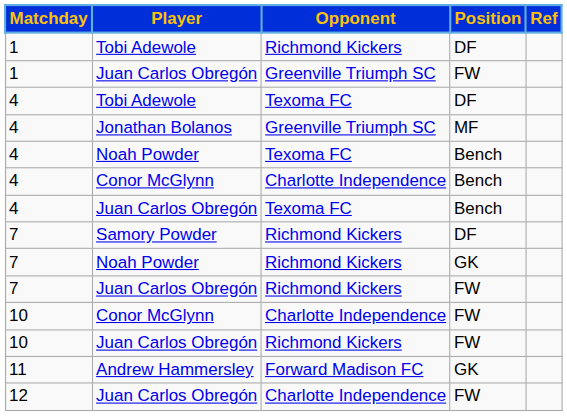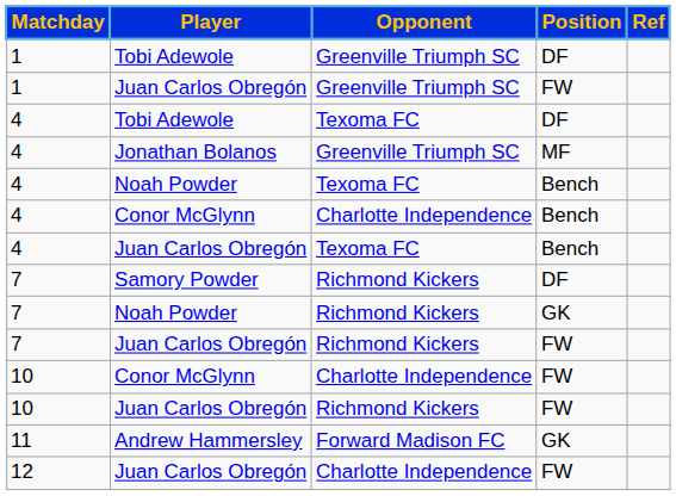 <table class=wikitable>
 <tr>
 <th style="background:#002ED9; color:#FCC108; border:2px solid #5FAFE4;">Matchday</th>
 <th style="background:#002ED9; color:#FCC108; border:2px solid #5FAFE4;">Player</th>
 <th style="background:#002ED9; color:#FCC108; border:2px solid #5FAFE4;">Opponent</th>
 <th style="background:#002ED9; color:#FCC108; border:2px solid #5FAFE4;">Position</th>
 <th style="background:#002ED9; color:#FCC108; border:2px solid #5FAFE4;">Ref</th>
 </tr>
 <tr>
 <td>1</td>
 <td> <a href='#'>Tobi Adewole</a></td>
-<td><a href='#'>Richmond Kickers</a></td>
+<td><a href='#'>Greenville Triumph SC</a></td>
 <td>DF</td>
 <td></td>
 </tr>
 <tr>
 <td>1</td>
 <td> <a href='#'>Juan Carlos Obregón</a></td>
 <td><a href='#'>Greenville Triumph SC</a></td>
 <td>FW</td>
 <td></td>
 </tr>
 <tr>
 <td>4</td>
 <td> <a href='#'>Tobi Adewole</a></td>
 <td><a href='#'>Texoma FC</a></td>
 <td>DF</td>
 <td></td>
 </tr>
 <tr>
 <td>4</td>
 <td> <a href='#'>Jonathan Bolanos</a></td>
 <td><a href='#'>Greenville Triumph SC</a></td>
 <td>MF</td>
 <td></td>
 </tr>
 <tr>
 <td>4</td>
 <td> <a href='#'>Noah Powder</a></td>
 <td><a href='#'>Texoma FC</a></td>
 <td>Bench</td>
 <td></td>
 </tr>
 <tr>
 <td>4</td>
 <td> <a href='#'>Conor McGlynn</a></td>
 <td><a href='#'>Charlotte Independence</a></td>
 <td>Bench</td>
 <td></td>
 </tr>
 <tr>
 <td>4</td>
 <td> <a href='#'>Juan Carlos Obregón</a></td>
 <td><a href='#'>Texoma FC</a></td>
 <td>Bench</td>
 <td></td>
 </tr>
 <tr>
 <td>7</td>
 <td> <a href='#'>Samory Powder</a></td>
 <td><a href='#'>Richmond Kickers</a></td>
 <td>DF</td>
 <td></td>
 </tr>
 <tr>
 <td>7</td>
 <td> <a href='#'>Noah Powder</a></td>
 <td><a href='#'>Richmond Kickers</a></td>
 <td>GK</td>
 <td></td>
 </tr>
 <tr>
 <td>7</td>
 <td> <a href='#'>Juan Carlos Obregón</a></td>
 <td><a href='#'>Richmond Kickers</a></td>
 <td>FW</td>
 <td></td>
 </tr>
 <tr>
 <td>10</td>
 <td> <a href='#'>Conor McGlynn</a></td>
 <td><a href='#'>Charlotte Independence</a></td>
 <td>FW</td>
 <td></td>
 </tr>
 <tr>
 <td>10</td>
 <td> <a href='#'>Juan Carlos Obregón</a></td>
 <td><a href='#'>Richmond Kickers</a></td>
 <td>FW</td>
 <td></td>
 </tr>
 <tr>
 <td>11</td>
 <td> <a href='#'>Andrew Hammersley</a></td>
 <td><a href='#'>Forward Madison FC</a></td>
 <td>GK</td>
 <td></td>
 </tr>
 <tr>
 <td>12</td>
 <td> <a href='#'>Juan Carlos Obregón</a></td>
 <td><a href='#'>Charlotte Independence</a></td>
 <td>FW</td>
 <td></td>
 </tr>
 <tr>
 </tr>
 </table>
